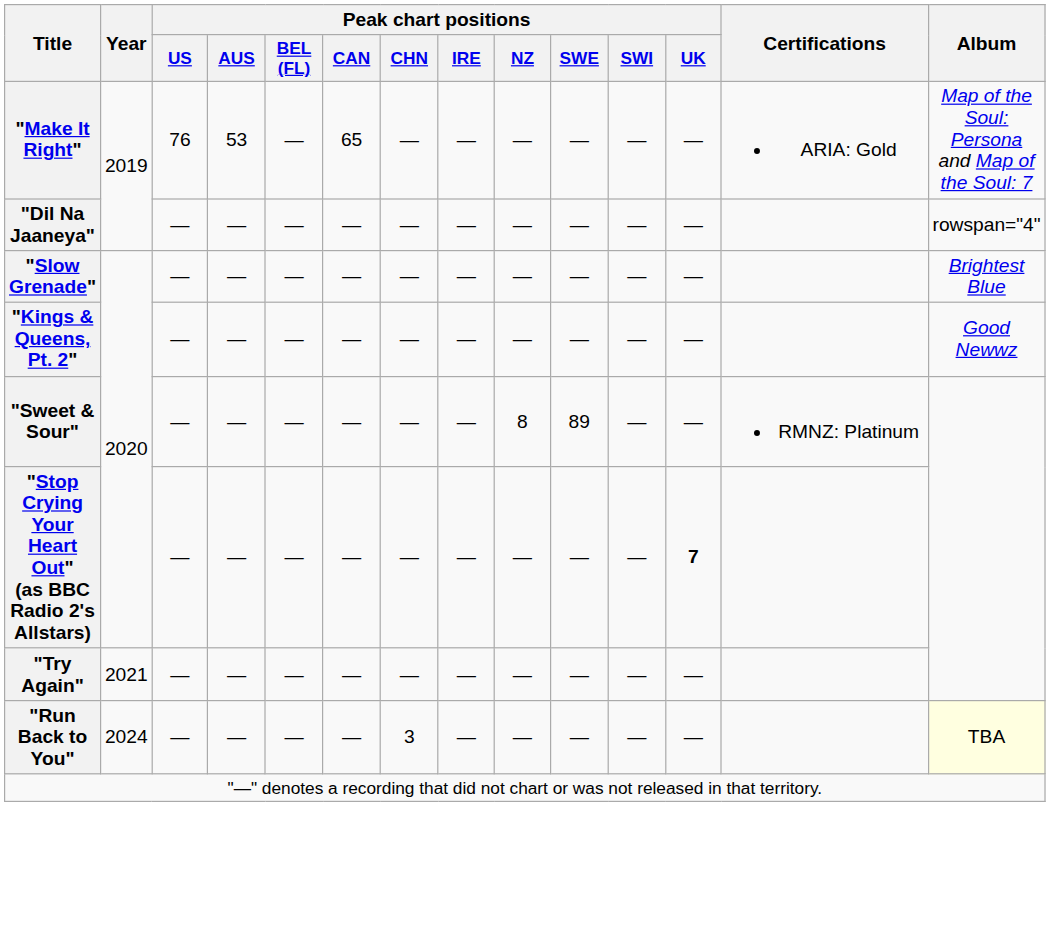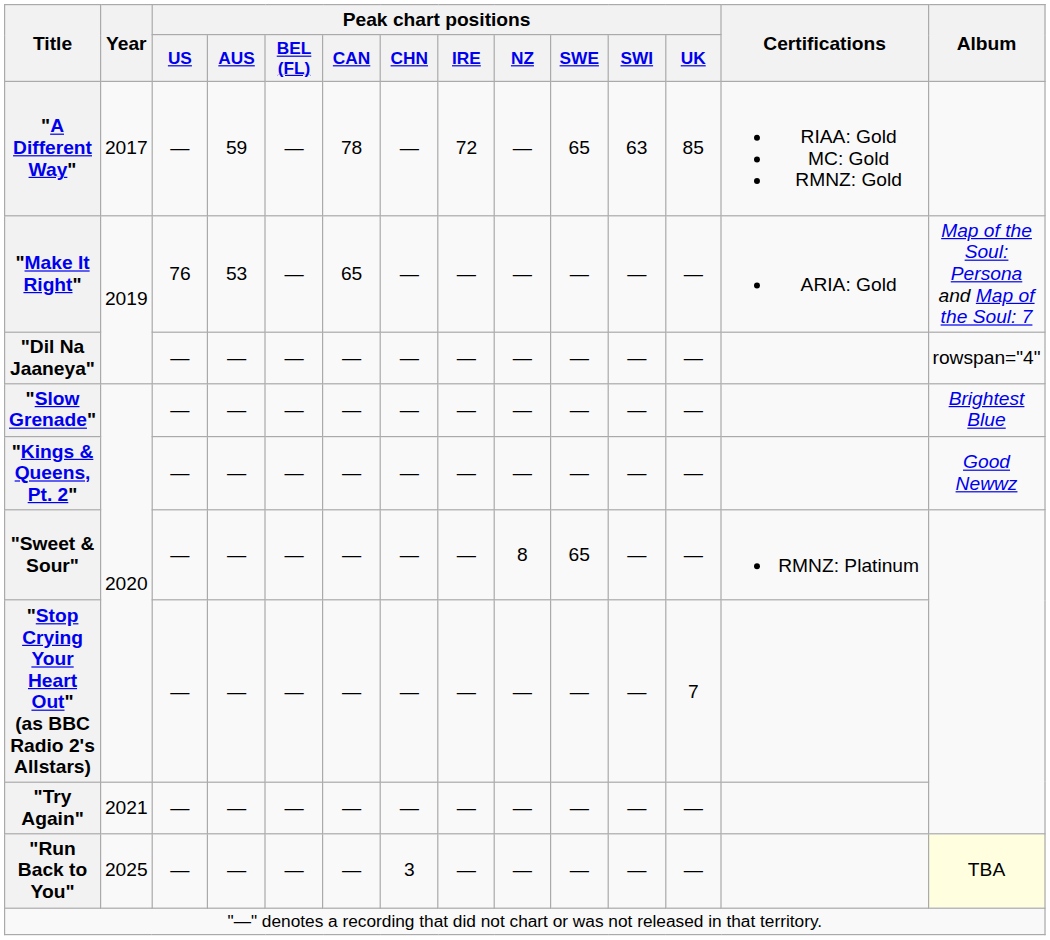 <table class="wikitable plainrowheaders" style="text-align:center">
 <tr>
 <th scope="col" rowspan="2">Title</th>
 <th scope="col" rowspan="2">Year</th>
 <th scope="col" colspan="10">Peak chart positions</th>
 <th scope="col" rowspan="2" style="width:11em;">Certifications</th>
 <th scope="col" rowspan="2">Album</th>
 </tr>
 <tr>
 <th scope="col" style="width:3em;font-size:90%;"><a href='#'>US</a><br></th>
 <th scope="col" style="width:3em;font-size:90%;"><a href='#'>AUS</a><br></th>
 <th scope="col" style="width:3em;font-size:90%;"><a href='#'>BEL <br>(FL)</a><br></th>
 <th scope="col" style="width:3em;font-size:90%;"><a href='#'>CAN</a><br></th>
 <th scope="col" style="width:3em;font-size:90%;"><a href='#'>CHN</a><br></th>
 <th scope="col" style="width:3em;font-size:90%;"><a href='#'>IRE</a><br></th>
 <th scope="col" style="width:3em;font-size:90%;"><a href='#'>NZ</a><br></th>
 <th scope="col" style="width:3em;font-size:90%;"><a href='#'>SWE</a><br></th>
 <th scope="col" style="width:3em;font-size:90%;"><a href='#'>SWI</a><br></th>
 <th scope="col" style="width:3em;font-size:90%;"><a href='#'>UK</a><br></th>
+</tr>
+<tr>
+<th scope="row">"<a href='#'>A Different Way</a>"<br></th>
+<td>2017</td>
+<td>—</td>
+<td>59</td>
+<td>—</td>
+<td>78</td>
+<td>—</td>
+<td>72</td>
+<td>—</td>
+<td>65</td>
+<td>63</td>
+<td>85</td>
+<td><br><ul><li>RIAA: Gold</li><li>MC: Gold</li><li>RMNZ: Gold</li></ul></td>
+<td></td>
 </tr>
 <tr>
 <th scope="row">"<a href='#'>Make It Right</a>"<br></th>
 <td rowspan="2">2019</td>
 <td>76</td>
 <td>53</td>
 <td>—</td>
 <td>65</td>
 <td>—</td>
 <td>—</td>
 <td>—</td>
 <td>—</td>
 <td>—</td>
 <td>—</td>
 <td><br><ul><li>ARIA: Gold</li></ul></td>
 <td><em><a href='#'>Map of the Soul: Persona</a> and <a href='#'>Map of the Soul: 7</a></em></td>
 </tr>
 <tr>
 <th scope="row">"Dil Na Jaaneya"<br></th>
 <td>—</td>
 <td>—</td>
 <td>—</td>
 <td>—</td>
 <td>—</td>
 <td>—</td>
 <td>—</td>
 <td>—</td>
 <td>—</td>
 <td>—</td>
 <td></td>
 <td>rowspan="4" </td>
 </tr>
 <tr>
 <th scope="row">"<a href='#'>Slow Grenade</a>"<br></th>
 <td rowspan="4">2020</td>
 <td>—</td>
 <td>—</td>
 <td>—</td>
 <td>—</td>
 <td>—</td>
 <td>—</td>
 <td>—</td>
 <td>—</td>
 <td>—</td>
 <td>—</td>
 <td></td>
 <td><em><a href='#'>Brightest Blue</a></em></td>
 </tr>
 <tr>
 <th scope="row">"<a href='#'>Kings & Queens, Pt. 2</a>"<br></th>
 <td>—</td>
 <td>—</td>
 <td>—</td>
 <td>—</td>
 <td>—</td>
 <td>—</td>
 <td>—</td>
 <td>—</td>
 <td>—</td>
 <td>—</td>
 <td></td>
 <td><em><a href='#'>Good Newwz</a></em></td>
 </tr>
 <tr>
 <th scope="row">"Sweet & Sour"<br></th>
 <td>—</td>
 <td>—</td>
 <td>—</td>
 <td>—</td>
 <td>—</td>
 <td>—</td>
 <td>8</td>
-<td>89</td>
+<td>65</td>
 <td>—</td>
 <td>—</td>
 <td><br><ul><li>RMNZ: Platinum</li></ul></td>
 </tr>
 <tr>
 <th scope="row">"<a href='#'>Stop Crying Your Heart Out</a>"<br><span>(as BBC Radio 2's Allstars)</span></th>
 <td>—</td>
 <td>—</td>
 <td>—</td>
 <td>—</td>
 <td>—</td>
 <td>—</td>
 <td>—</td>
 <td>—</td>
 <td>—</td>
-<td><strong>7</strong></td>
+<td>7</td>
 <td></td>
 </tr>
 <tr>
 <th scope="row">"Try Again"<br></th>
 <td>2021</td>
 <td>—</td>
 <td>—</td>
 <td>—</td>
 <td>—</td>
 <td>—</td>
 <td>—</td>
 <td>—</td>
 <td>—</td>
 <td>—</td>
 <td>—</td>
 <td></td>
 </tr>
 <tr>
 <th scope="row">"Run Back to You"<br></th>
-<td>2024</td>
+<td>2025</td>
 <td>—</td>
 <td>—</td>
 <td>—</td>
 <td>—</td>
 <td>3</td>
 <td>—</td>
 <td>—</td>
 <td>—</td>
 <td>—</td>
 <td>—</td>
 <td></td>
 <td style="background: lightyellow;">TBA</td>
 </tr>
 <tr>
 <td colspan="14" style="font-size:90%">"—" denotes a recording that did not chart or was not released in that territory.</td>
 </tr>
 </table>
